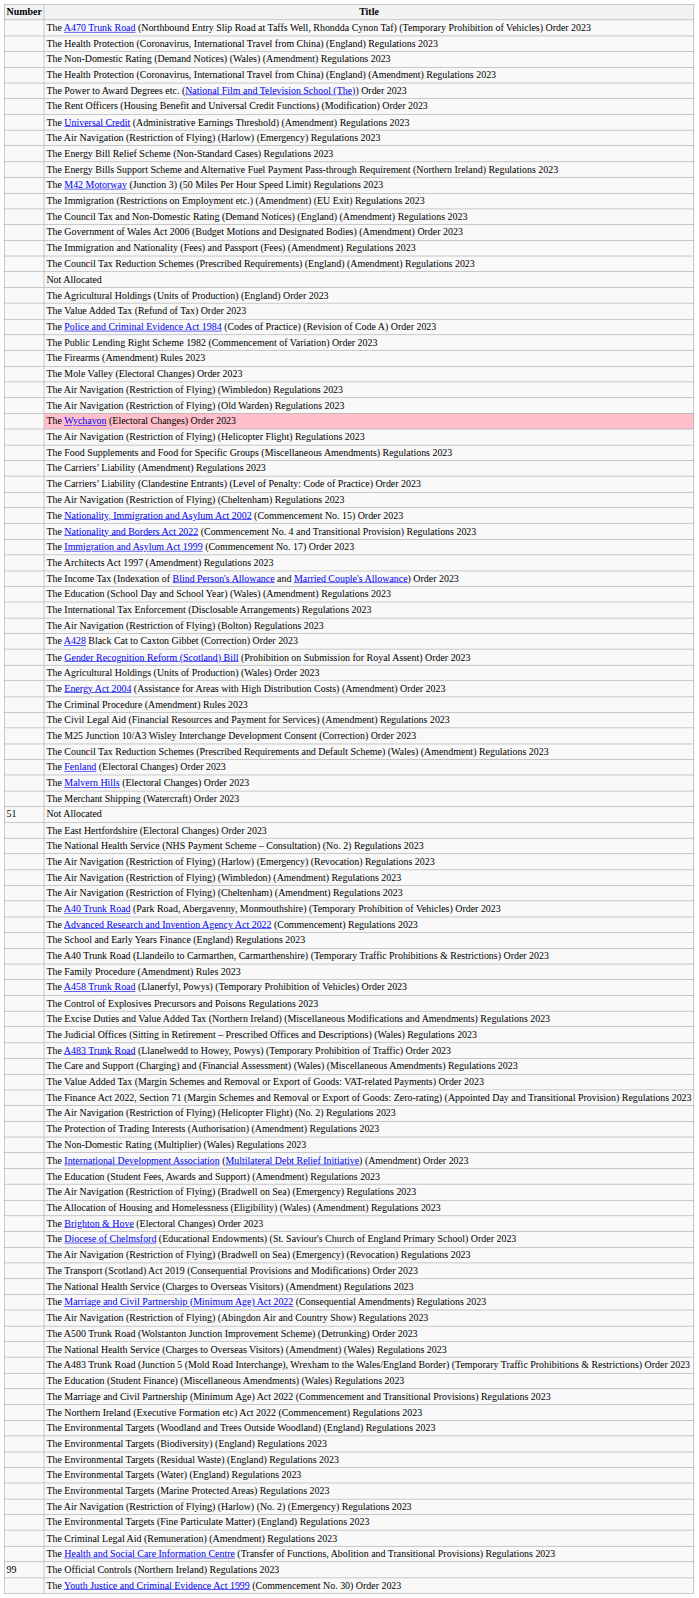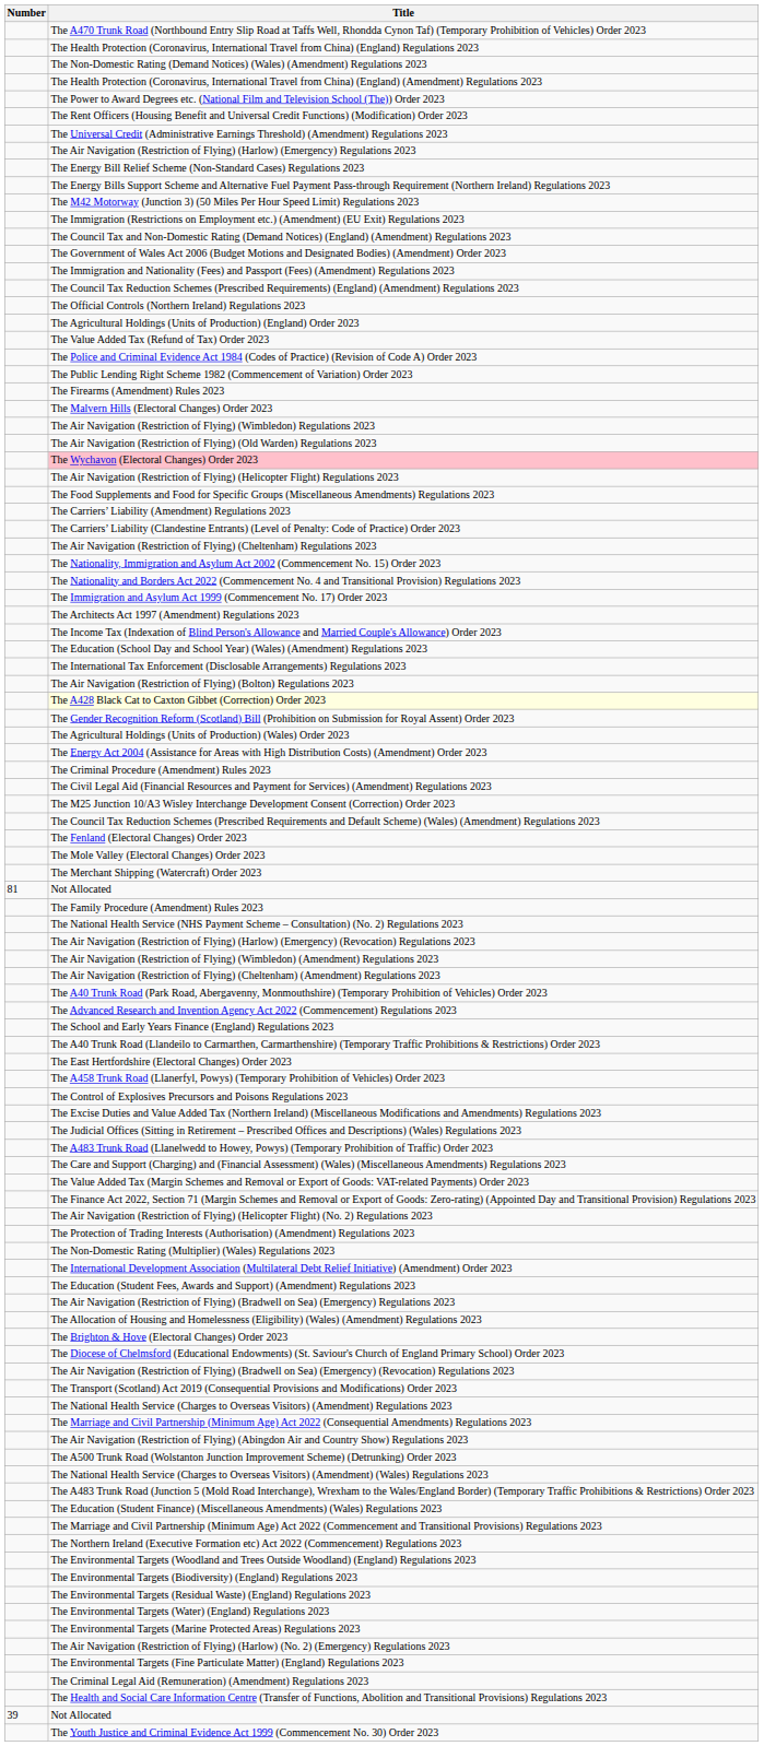 <table class="wikitable collapsible">
 <tr>
 <th>Number</th>
 <th>Title</th>
 </tr>
 <tr>
 <td></td>
 <td>The <a href='#'>A470 Trunk Road</a> (Northbound Entry Slip Road at Taffs Well, Rhondda Cynon Taf) (Temporary Prohibition of Vehicles) Order 2023</td>
 </tr>
 <tr>
 <td></td>
 <td>The Health Protection (Coronavirus, International Travel from China) (England) Regulations 2023</td>
 </tr>
 <tr>
 <td></td>
 <td>The Non-Domestic Rating (Demand Notices) (Wales) (Amendment) Regulations 2023</td>
 </tr>
 <tr>
 <td></td>
 <td>The Health Protection (Coronavirus, International Travel from China) (England) (Amendment) Regulations 2023</td>
 </tr>
 <tr>
 <td></td>
 <td>The Power to Award Degrees etc. (<a href='#'>National Film and Television School (The)</a>) Order 2023</td>
 </tr>
 <tr>
 <td></td>
 <td>The Rent Officers (Housing Benefit and Universal Credit Functions) (Modification) Order 2023</td>
 </tr>
 <tr>
 <td></td>
 <td>The <a href='#'>Universal Credit</a> (Administrative Earnings Threshold) (Amendment) Regulations 2023</td>
 </tr>
 <tr>
 <td></td>
 <td>The Air Navigation (Restriction of Flying) (Harlow) (Emergency) Regulations 2023</td>
 </tr>
 <tr>
 <td></td>
 <td>The Energy Bill Relief Scheme (Non-Standard Cases) Regulations 2023</td>
 </tr>
 <tr>
 <td></td>
 <td>The Energy Bills Support Scheme and Alternative Fuel Payment Pass-through Requirement (Northern Ireland) Regulations 2023</td>
 </tr>
 <tr>
 <td></td>
 <td>The <a href='#'>M42 Motorway</a> (Junction 3) (50 Miles Per Hour Speed Limit) Regulations 2023</td>
 </tr>
 <tr>
 <td></td>
 <td>The Immigration (Restrictions on Employment etc.) (Amendment) (EU Exit) Regulations 2023</td>
 </tr>
 <tr>
 <td></td>
 <td>The Council Tax and Non-Domestic Rating (Demand Notices) (England) (Amendment) Regulations 2023</td>
 </tr>
 <tr>
 <td></td>
 <td>The Government of Wales Act 2006 (Budget Motions and Designated Bodies) (Amendment) Order 2023</td>
 </tr>
 <tr>
 <td></td>
 <td>The Immigration and Nationality (Fees) and Passport (Fees) (Amendment) Regulations 2023</td>
 </tr>
 <tr>
 <td></td>
 <td>The Council Tax Reduction Schemes (Prescribed Requirements) (England) (Amendment) Regulations 2023</td>
 </tr>
 <tr>
 <td></td>
-<td>Not Allocated</td>
+<td>The Official Controls (Northern Ireland) Regulations 2023</td>
 </tr>
 <tr>
 <td></td>
 <td>The Agricultural Holdings (Units of Production) (England) Order 2023</td>
 </tr>
 <tr>
 <td></td>
 <td>The Value Added Tax (Refund of Tax) Order 2023</td>
 </tr>
 <tr>
 <td></td>
 <td>The <a href='#'>Police and Criminal Evidence Act 1984</a> (Codes of Practice) (Revision of Code A) Order 2023</td>
 </tr>
 <tr>
 <td></td>
 <td>The Public Lending Right Scheme 1982 (Commencement of Variation) Order 2023</td>
 </tr>
 <tr>
 <td></td>
 <td>The Firearms (Amendment) Rules 2023</td>
 </tr>
 <tr>
 <td></td>
-<td>The Mole Valley (Electoral Changes) Order 2023</td>
+<td>The <a href='#'>Malvern Hills</a> (Electoral Changes) Order 2023</td>
 </tr>
 <tr>
 <td></td>
 <td>The Air Navigation (Restriction of Flying) (Wimbledon) Regulations 2023</td>
 </tr>
 <tr>
 <td></td>
 <td>The Air Navigation (Restriction of Flying) (Old Warden) Regulations 2023</td>
 </tr>
 <tr>
 <td></td>
 <td style="background: pink;">The <a href='#'>Wychavon</a> (Electoral Changes) Order 2023</td>
 </tr>
 <tr>
 <td></td>
 <td>The Air Navigation (Restriction of Flying) (Helicopter Flight) Regulations 2023</td>
 </tr>
 <tr>
 <td></td>
 <td>The Food Supplements and Food for Specific Groups (Miscellaneous Amendments) Regulations 2023</td>
 </tr>
 <tr>
 <td></td>
 <td>The Carriers’ Liability (Amendment) Regulations 2023</td>
 </tr>
 <tr>
 <td></td>
 <td>The Carriers’ Liability (Clandestine Entrants) (Level of Penalty: Code of Practice) Order 2023</td>
 </tr>
 <tr>
 <td></td>
 <td>The Air Navigation (Restriction of Flying) (Cheltenham) Regulations 2023</td>
 </tr>
 <tr>
 <td></td>
 <td>The <a href='#'>Nationality, Immigration and Asylum Act 2002</a> (Commencement No. 15) Order 2023</td>
 </tr>
 <tr>
 <td></td>
 <td>The <a href='#'>Nationality and Borders Act 2022</a> (Commencement No. 4 and Transitional Provision) Regulations 2023</td>
 </tr>
 <tr>
 <td></td>
 <td>The <a href='#'>Immigration and Asylum Act 1999</a> (Commencement No. 17) Order 2023</td>
 </tr>
 <tr>
 <td></td>
 <td>The Architects Act 1997 (Amendment) Regulations 2023</td>
 </tr>
 <tr>
 <td></td>
 <td>The Income Tax (Indexation of <a href='#'>Blind Person's Allowance</a> and <a href='#'>Married Couple's Allowance</a>) Order 2023</td>
 </tr>
 <tr>
 <td></td>
 <td>The Education (School Day and School Year) (Wales) (Amendment) Regulations 2023</td>
 </tr>
 <tr>
 <td></td>
 <td>The International Tax Enforcement (Disclosable Arrangements) Regulations 2023</td>
 </tr>
 <tr>
 <td></td>
 <td>The Air Navigation (Restriction of Flying) (Bolton) Regulations 2023</td>
 </tr>
 <tr>
 <td></td>
-<td>The <a href='#'>A428</a> Black Cat to Caxton Gibbet (Correction) Order 2023</td>
+<td style="background: lightyellow;">The <a href='#'>A428</a> Black Cat to Caxton Gibbet (Correction) Order 2023</td>
 </tr>
 <tr>
 <td></td>
 <td>The <a href='#'>Gender Recognition Reform (Scotland) Bill</a> (Prohibition on Submission for Royal Assent) Order 2023</td>
 </tr>
 <tr>
 <td></td>
 <td>The Agricultural Holdings (Units of Production) (Wales) Order 2023</td>
 </tr>
 <tr>
 <td></td>
 <td>The <a href='#'>Energy Act 2004</a> (Assistance for Areas with High Distribution Costs) (Amendment) Order 2023</td>
 </tr>
 <tr>
 <td></td>
 <td>The Criminal Procedure (Amendment) Rules 2023</td>
 </tr>
 <tr>
 <td></td>
 <td>The Civil Legal Aid (Financial Resources and Payment for Services) (Amendment) Regulations 2023</td>
 </tr>
 <tr>
 <td></td>
 <td>The M25 Junction 10/A3 Wisley Interchange Development Consent (Correction) Order 2023</td>
 </tr>
 <tr>
 <td></td>
 <td>The Council Tax Reduction Schemes (Prescribed Requirements and Default Scheme) (Wales) (Amendment) Regulations 2023</td>
 </tr>
 <tr>
 <td></td>
 <td>The <a href='#'>Fenland</a> (Electoral Changes) Order 2023</td>
 </tr>
 <tr>
 <td></td>
-<td>The <a href='#'>Malvern Hills</a> (Electoral Changes) Order 2023</td>
+<td>The Mole Valley (Electoral Changes) Order 2023</td>
 </tr>
 <tr>
 <td></td>
 <td>The Merchant Shipping (Watercraft) Order 2023</td>
 </tr>
 <tr>
-<td>51</td>
+<td>81</td>
 <td>Not Allocated</td>
 </tr>
 <tr>
 <td></td>
-<td>The East Hertfordshire (Electoral Changes) Order 2023</td>
+<td>The Family Procedure (Amendment) Rules 2023</td>
 </tr>
 <tr>
 <td></td>
 <td>The National Health Service (NHS Payment Scheme – Consultation) (No. 2) Regulations 2023</td>
 </tr>
 <tr>
 <td></td>
 <td>The Air Navigation (Restriction of Flying) (Harlow) (Emergency) (Revocation) Regulations 2023</td>
 </tr>
 <tr>
 <td></td>
 <td>The Air Navigation (Restriction of Flying) (Wimbledon) (Amendment) Regulations 2023</td>
 </tr>
 <tr>
 <td></td>
 <td>The Air Navigation (Restriction of Flying) (Cheltenham) (Amendment) Regulations 2023</td>
 </tr>
 <tr>
 <td></td>
 <td>The <a href='#'>A40 Trunk Road</a> (Park Road, Abergavenny, Monmouthshire) (Temporary Prohibition of Vehicles) Order 2023</td>
 </tr>
 <tr>
 <td></td>
 <td>The <a href='#'>Advanced Research and Invention Agency Act 2022</a> (Commencement) Regulations 2023</td>
 </tr>
 <tr>
 <td></td>
 <td>The School and Early Years Finance (England) Regulations 2023</td>
 </tr>
 <tr>
 <td></td>
 <td>The A40 Trunk Road (Llandeilo to Carmarthen, Carmarthenshire) (Temporary Traffic Prohibitions & Restrictions) Order 2023</td>
 </tr>
 <tr>
 <td></td>
-<td>The Family Procedure (Amendment) Rules 2023</td>
+<td>The East Hertfordshire (Electoral Changes) Order 2023</td>
 </tr>
 <tr>
 <td></td>
 <td>The <a href='#'>A458 Trunk Road</a> (Llanerfyl, Powys) (Temporary Prohibition of Vehicles) Order 2023</td>
 </tr>
 <tr>
 <td></td>
 <td>The Control of Explosives Precursors and Poisons Regulations 2023</td>
 </tr>
 <tr>
 <td></td>
 <td>The Excise Duties and Value Added Tax (Northern Ireland) (Miscellaneous Modifications and Amendments) Regulations 2023</td>
 </tr>
 <tr>
 <td></td>
 <td>The Judicial Offices (Sitting in Retirement – Prescribed Offices and Descriptions) (Wales) Regulations 2023</td>
 </tr>
 <tr>
 <td></td>
 <td>The <a href='#'>A483 Trunk Road</a> (Llanelwedd to Howey, Powys) (Temporary Prohibition of Traffic) Order 2023</td>
 </tr>
 <tr>
 <td></td>
 <td>The Care and Support (Charging) and (Financial Assessment) (Wales) (Miscellaneous Amendments) Regulations 2023</td>
 </tr>
 <tr>
 <td></td>
 <td>The Value Added Tax (Margin Schemes and Removal or Export of Goods: VAT-related Payments) Order 2023</td>
 </tr>
 <tr>
 <td></td>
 <td>The Finance Act 2022, Section 71 (Margin Schemes and Removal or Export of Goods: Zero-rating) (Appointed Day and Transitional Provision) Regulations 2023</td>
 </tr>
 <tr>
 <td></td>
 <td>The Air Navigation (Restriction of Flying) (Helicopter Flight) (No. 2) Regulations 2023</td>
 </tr>
 <tr>
 <td></td>
 <td>The Protection of Trading Interests (Authorisation) (Amendment) Regulations 2023</td>
 </tr>
 <tr>
 <td></td>
 <td>The Non-Domestic Rating (Multiplier) (Wales) Regulations 2023</td>
 </tr>
 <tr>
 <td></td>
 <td>The <a href='#'>International Development Association</a> (<a href='#'>Multilateral Debt Relief Initiative</a>) (Amendment) Order 2023</td>
 </tr>
 <tr>
 <td></td>
 <td>The Education (Student Fees, Awards and Support) (Amendment) Regulations 2023</td>
 </tr>
 <tr>
 <td></td>
 <td>The Air Navigation (Restriction of Flying) (Bradwell on Sea) (Emergency) Regulations 2023</td>
 </tr>
 <tr>
 <td></td>
 <td>The Allocation of Housing and Homelessness (Eligibility) (Wales) (Amendment) Regulations 2023</td>
 </tr>
 <tr>
 <td></td>
 <td>The <a href='#'>Brighton & Hove</a> (Electoral Changes) Order 2023</td>
 </tr>
 <tr>
 <td></td>
 <td>The <a href='#'>Diocese of Chelmsford</a> (Educational Endowments) (St. Saviour's Church of England Primary School) Order 2023</td>
 </tr>
 <tr>
 <td></td>
 <td>The Air Navigation (Restriction of Flying) (Bradwell on Sea) (Emergency) (Revocation) Regulations 2023</td>
 </tr>
 <tr>
 <td></td>
 <td>The Transport (Scotland) Act 2019 (Consequential Provisions and Modifications) Order 2023</td>
 </tr>
 <tr>
 <td></td>
 <td>The National Health Service (Charges to Overseas Visitors) (Amendment) Regulations 2023</td>
 </tr>
 <tr>
 <td></td>
 <td>The <a href='#'>Marriage and Civil Partnership (Minimum Age) Act 2022</a> (Consequential Amendments) Regulations 2023</td>
 </tr>
 <tr>
 <td></td>
 <td>The Air Navigation (Restriction of Flying) (Abingdon Air and Country Show) Regulations 2023</td>
 </tr>
 <tr>
 <td></td>
 <td>The A500 Trunk Road (Wolstanton Junction Improvement Scheme) (Detrunking) Order 2023</td>
 </tr>
 <tr>
 <td></td>
 <td>The National Health Service (Charges to Overseas Visitors) (Amendment) (Wales) Regulations 2023</td>
 </tr>
 <tr>
 <td></td>
 <td>The A483 Trunk Road (Junction 5 (Mold Road Interchange), Wrexham to the Wales/England Border) (Temporary Traffic Prohibitions & Restrictions) Order 2023</td>
 </tr>
 <tr>
 <td></td>
 <td>The Education (Student Finance) (Miscellaneous Amendments) (Wales) Regulations 2023</td>
 </tr>
 <tr>
 <td></td>
 <td>The Marriage and Civil Partnership (Minimum Age) Act 2022 (Commencement and Transitional Provisions) Regulations 2023</td>
 </tr>
 <tr>
 <td></td>
 <td>The Northern Ireland (Executive Formation etc) Act 2022 (Commencement) Regulations 2023</td>
 </tr>
 <tr>
 <td></td>
 <td>The Environmental Targets (Woodland and Trees Outside Woodland) (England) Regulations 2023</td>
 </tr>
 <tr>
 <td></td>
 <td>The Environmental Targets (Biodiversity) (England) Regulations 2023</td>
 </tr>
 <tr>
 <td></td>
 <td>The Environmental Targets (Residual Waste) (England) Regulations 2023</td>
 </tr>
 <tr>
 <td></td>
 <td>The Environmental Targets (Water) (England) Regulations 2023</td>
 </tr>
 <tr>
 <td></td>
 <td>The Environmental Targets (Marine Protected Areas) Regulations 2023</td>
 </tr>
 <tr>
 <td></td>
 <td>The Air Navigation (Restriction of Flying) (Harlow) (No. 2) (Emergency) Regulations 2023</td>
 </tr>
 <tr>
 <td></td>
 <td>The Environmental Targets (Fine Particulate Matter) (England) Regulations 2023</td>
 </tr>
 <tr>
 <td></td>
 <td>The Criminal Legal Aid (Remuneration) (Amendment) Regulations 2023</td>
 </tr>
 <tr>
 <td></td>
 <td>The <a href='#'>Health and Social Care Information Centre</a> (Transfer of Functions, Abolition and Transitional Provisions) Regulations 2023</td>
 </tr>
 <tr>
-<td>99</td>
-<td>The Official Controls (Northern Ireland) Regulations 2023</td>
+<td>39</td>
+<td>Not Allocated</td>
 </tr>
 <tr>
 <td></td>
 <td>The <a href='#'>Youth Justice and Criminal Evidence Act 1999</a> (Commencement No. 30) Order 2023</td>
 </tr>
 </table>
